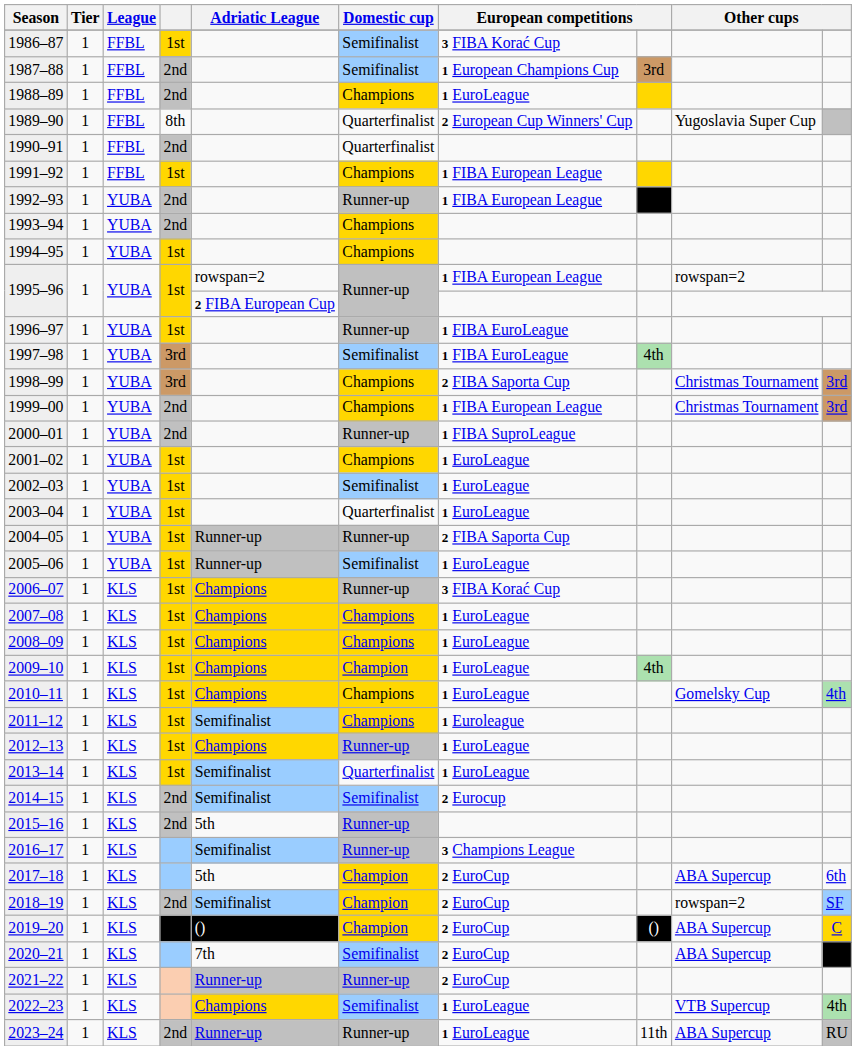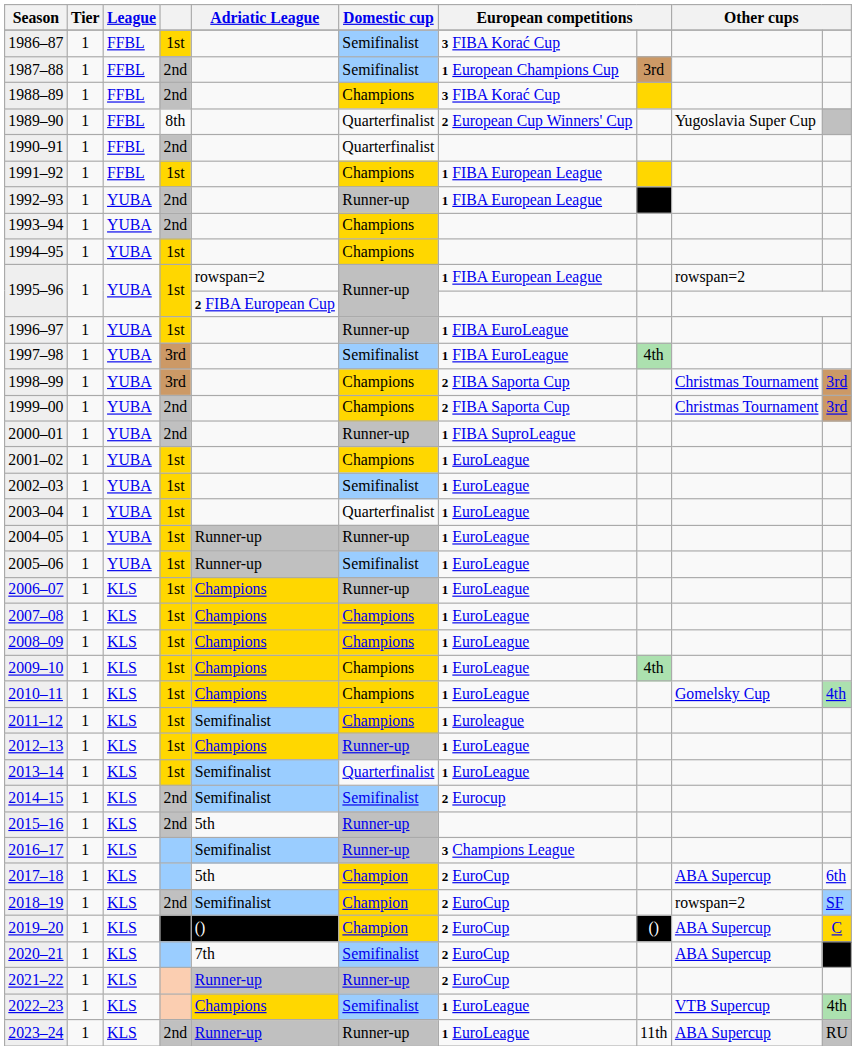 <table class="wikitable" style="font-size:85%; text-align:left">
 <tr>
 <th>Season</th>
 <th>Tier</th>
 <th><a href='#'>League</a></th>
 <th></th>
 <th><a href='#'>Adriatic League</a></th>
 <th><a href='#'>Domestic cup</a></th>
 <th colspan=2>European competitions</th>
 <th colspan=2>Other cups</th>
 </tr>
 <tr>
 </tr>
 <tr>
 <td bgcolor=#efefef>1986–87</td>
 <td align=center>1</td>
 <td align=left><a href='#'>FFBL</a></td>
 <td bgcolor=gold align=center>1st</td>
 <td></td>
 <td style="background-color:#9acdff">Semifinalist</td>
 <td><small><strong>3</strong></small> <a href='#'>FIBA Korać Cup</a></td>
 <td align=center></td>
 <td></td>
 <td></td>
 </tr>
 <tr>
 <td bgcolor=#efefef>1987–88</td>
 <td align=center>1</td>
 <td align=left><a href='#'>FFBL</a></td>
 <td bgcolor=silver align=center>2nd</td>
 <td></td>
 <td style="background-color:#9acdff">Semifinalist</td>
 <td><small><strong>1</strong></small> <a href='#'>European Champions Cup</a></td>
 <td bgcolor=#CC9966 align=center>3rd</td>
 <td></td>
 <td></td>
 </tr>
 <tr>
 <td bgcolor=#efefef>1988–89</td>
 <td align=center>1</td>
 <td align=left><a href='#'>FFBL</a></td>
 <td bgcolor=silver align=center>2nd</td>
 <td></td>
 <td bgcolor=gold>Champions</td>
-<td><small><strong>1</strong></small> <a href='#'>EuroLeague</a></td>
+<td><small><strong>3</strong></small> <a href='#'>FIBA Korać Cup</a></td>
 <td bgcolor=gold align=center></td>
 <td></td>
 <td></td>
 </tr>
 <tr>
 <td bgcolor=#efefef>1989–90</td>
 <td align=center>1</td>
 <td align=left><a href='#'>FFBL</a></td>
 <td align=center>8th</td>
 <td></td>
 <td>Quarterfinalist</td>
 <td><small><strong>2</strong></small> <a href='#'>European Cup Winners' Cup</a></td>
 <td align=center></td>
 <td align=left>Yugoslavia Super Cup</td>
 <td bgcolor=silver align=center></td>
 </tr>
 <tr>
 <td bgcolor=#efefef>1990–91</td>
 <td align=center>1</td>
 <td align=left><a href='#'>FFBL</a></td>
 <td bgcolor=silver align=center>2nd</td>
 <td></td>
 <td>Quarterfinalist</td>
 <td></td>
 <td></td>
 <td></td>
 <td></td>
 </tr>
 <tr>
 <td bgcolor=#efefef>1991–92</td>
 <td align=center>1</td>
 <td align=left><a href='#'>FFBL</a></td>
 <td bgcolor=gold align=center>1st</td>
 <td></td>
 <td bgcolor=gold>Champions</td>
 <td><small><strong>1</strong></small> <a href='#'>FIBA European League</a></td>
 <td bgcolor=gold align=center></td>
 <td></td>
 <td></td>
 </tr>
 <tr>
 <td bgcolor=#efefef>1992–93</td>
 <td align=center>1</td>
 <td align=left><a href='#'>YUBA</a></td>
 <td bgcolor=silver align=center>2nd</td>
 <td></td>
 <td bgcolor=silver>Runner-up</td>
 <td><small><strong>1</strong></small> <a href='#'>FIBA European League</a></td>
 <td align=center style="background:black; color:white"></td>
 <td></td>
 <td></td>
 </tr>
 <tr>
 <td bgcolor=#efefef>1993–94</td>
 <td align=center>1</td>
 <td align=left><a href='#'>YUBA</a></td>
 <td bgcolor=silver align=center>2nd</td>
 <td></td>
 <td bgcolor=gold>Champions</td>
 <td></td>
 <td></td>
 <td></td>
 <td></td>
 </tr>
 <tr>
 <td bgcolor=#efefef>1994–95</td>
 <td align=center>1</td>
 <td align=left><a href='#'>YUBA</a></td>
 <td bgcolor=gold align=center>1st</td>
 <td></td>
 <td bgcolor=gold>Champions</td>
 <td></td>
 <td></td>
 <td></td>
 <td></td>
 </tr>
 <tr>
 <td rowspan=2 style="background:#efefef;">1995–96</td>
 <td rowspan=2 align="center">1</td>
 <td rowspan=2><a href='#'>YUBA</a></td>
 <td rowspan=2 bgcolor=gold align=center>1st</td>
 <td>rowspan=2 </td>
 <td rowspan=2 bgcolor=silver>Runner-up</td>
 <td><small><strong>1</strong></small> <a href='#'>FIBA European League</a></td>
 <td align=center></td>
 <td>rowspan=2 </td>
 <td></td>
 </tr>
 <tr>
 <td><small><strong>2</strong></small> <a href='#'>FIBA European Cup</a></td>
 <td align=center></td>
 <td></td>
 </tr>
 <tr>
 <td bgcolor=#efefef>1996–97</td>
 <td align=center>1</td>
 <td align=left><a href='#'>YUBA</a></td>
 <td bgcolor=gold align=center>1st</td>
 <td></td>
 <td bgcolor=silver>Runner-up</td>
 <td><small><strong>1</strong></small> <a href='#'>FIBA EuroLeague</a></td>
 <td align=center></td>
 <td></td>
 <td></td>
 </tr>
 <tr>
 <td bgcolor=#efefef>1997–98</td>
 <td align=center>1</td>
 <td align=left><a href='#'>YUBA</a></td>
 <td align=center bgcolor=#CC9966>3rd</td>
 <td></td>
 <td style="background-color:#9acdff">Semifinalist</td>
 <td><small><strong>1</strong></small> <a href='#'>FIBA EuroLeague</a></td>
 <td bgcolor=#ACE1AF align=center>4th</td>
 <td></td>
 <td></td>
 </tr>
 <tr>
 <td bgcolor=#efefef>1998–99</td>
 <td align=center>1</td>
 <td align=left><a href='#'>YUBA</a></td>
 <td align=center bgcolor=#CC9966>3rd</td>
 <td></td>
 <td bgcolor=gold>Champions</td>
 <td><small><strong>2</strong></small> <a href='#'>FIBA Saporta Cup</a></td>
 <td align=center></td>
 <td align=left><a href='#'>Christmas Tournament</a></td>
 <td bgcolor=#CC9966 align=center><a href='#'>3rd</a></td>
 </tr>
 <tr>
 <td bgcolor=#efefef>1999–00</td>
 <td align=center>1</td>
 <td align=left><a href='#'>YUBA</a></td>
 <td bgcolor=silver align=center>2nd</td>
 <td></td>
 <td bgcolor=gold>Champions</td>
-<td><small><strong>1</strong></small> <a href='#'>FIBA European League</a></td>
+<td><small><strong>2</strong></small> <a href='#'>FIBA Saporta Cup</a></td>
 <td align=center></td>
 <td align=left><a href='#'>Christmas Tournament</a></td>
 <td bgcolor=#CC9966 align=center><a href='#'>3rd</a></td>
 </tr>
 <tr>
 <td bgcolor=#efefef>2000–01</td>
 <td align=center>1</td>
 <td align=left><a href='#'>YUBA</a></td>
 <td bgcolor=silver align=center>2nd</td>
 <td></td>
 <td bgcolor=silver>Runner-up</td>
 <td><small><strong>1</strong></small> <a href='#'>FIBA SuproLeague</a></td>
 <td align=center></td>
 <td></td>
 <td></td>
 </tr>
 <tr>
 <td bgcolor=#efefef>2001–02</td>
 <td align=center>1</td>
 <td align=left><a href='#'>YUBA</a></td>
 <td bgcolor=gold align=center>1st</td>
 <td></td>
 <td bgcolor=gold>Champions</td>
 <td><small><strong>1</strong></small> <a href='#'>EuroLeague</a></td>
 <td align=center></td>
 <td></td>
 <td></td>
 </tr>
 <tr>
 <td bgcolor=#efefef>2002–03</td>
 <td align=center>1</td>
 <td align=left><a href='#'>YUBA</a></td>
 <td bgcolor=gold align=center>1st</td>
 <td></td>
 <td style="background-color:#9acdff">Semifinalist</td>
 <td><small><strong>1</strong></small> <a href='#'>EuroLeague</a></td>
 <td align=center></td>
 <td></td>
 <td></td>
 </tr>
 <tr>
 <td bgcolor=#efefef>2003–04</td>
 <td align=center>1</td>
 <td align=left><a href='#'>YUBA</a></td>
 <td bgcolor=gold align=center>1st</td>
 <td></td>
 <td>Quarterfinalist</td>
 <td><small><strong>1</strong></small> <a href='#'>EuroLeague</a></td>
 <td align=center></td>
 <td></td>
 <td></td>
 </tr>
 <tr>
 <td bgcolor=#efefef>2004–05</td>
 <td align=center>1</td>
 <td align=left><a href='#'>YUBA</a></td>
 <td bgcolor=gold align=center>1st</td>
 <td bgcolor=silver>Runner-up</td>
 <td bgcolor=silver>Runner-up</td>
-<td><small><strong>2</strong></small> <a href='#'>FIBA Saporta Cup</a></td>
+<td><small><strong>1</strong></small> <a href='#'>EuroLeague</a></td>
 <td align=center></td>
 <td></td>
 <td></td>
 </tr>
 <tr>
 <td bgcolor=#efefef>2005–06</td>
 <td align=center>1</td>
 <td align=left><a href='#'>YUBA</a></td>
 <td bgcolor=gold align=center>1st</td>
 <td bgcolor=silver>Runner-up</td>
 <td style="background-color:#9acdff">Semifinalist</td>
 <td><small><strong>1</strong></small> <a href='#'>EuroLeague</a></td>
 <td align=center></td>
 <td></td>
 <td></td>
 </tr>
 <tr>
 <td bgcolor=#efefef><a href='#'>2006–07</a></td>
 <td align=center>1</td>
 <td align=left><a href='#'>KLS</a></td>
 <td bgcolor=gold align=center>1st</td>
 <td bgcolor=gold><a href='#'>Champions</a></td>
 <td bgcolor=silver>Runner-up</td>
-<td><small><strong>3</strong></small> <a href='#'>FIBA Korać Cup</a></td>
+<td><small><strong>1</strong></small> <a href='#'>EuroLeague</a></td>
 <td align=center></td>
 <td></td>
 <td></td>
 </tr>
 <tr>
 <td bgcolor=#efefef><a href='#'>2007–08</a></td>
 <td align=center>1</td>
 <td align=left><a href='#'>KLS</a></td>
 <td bgcolor=gold align=center>1st</td>
 <td bgcolor=gold><a href='#'>Champions</a></td>
 <td bgcolor=gold><a href='#'>Champions</a></td>
 <td><small><strong>1</strong></small> <a href='#'>EuroLeague</a></td>
 <td align=center></td>
 <td></td>
 <td></td>
 </tr>
 <tr>
 <td bgcolor=#efefef><a href='#'>2008–09</a></td>
 <td align=center>1</td>
 <td align=left><a href='#'>KLS</a></td>
 <td bgcolor=gold align=center>1st</td>
 <td bgcolor=gold><a href='#'>Champions</a></td>
 <td bgcolor=gold><a href='#'>Champions</a></td>
 <td><small><strong>1</strong></small> <a href='#'>EuroLeague</a></td>
 <td align=center></td>
 <td></td>
 <td></td>
 </tr>
 <tr>
 <td bgcolor=#efefef><a href='#'>2009–10</a></td>
 <td align=center>1</td>
 <td align=left><a href='#'>KLS</a></td>
 <td bgcolor=gold align=center>1st</td>
 <td bgcolor=gold><a href='#'>Champions</a></td>
-<td bgcolor=gold><a href='#'>Champion</a></td>
+<td bgcolor=gold>Champions</td>
 <td><small><strong>1</strong></small> <a href='#'>EuroLeague</a></td>
 <td bgcolor=#ACE1AF align=center>4th</td>
 <td></td>
 <td></td>
 </tr>
 <tr>
 <td bgcolor=#efefef><a href='#'>2010–11</a></td>
 <td align=center>1</td>
 <td align=left><a href='#'>KLS</a></td>
 <td bgcolor=gold align=center>1st</td>
 <td bgcolor=gold><a href='#'>Champions</a></td>
 <td bgcolor=gold>Champions</td>
 <td><small><strong>1</strong></small> <a href='#'>EuroLeague</a></td>
 <td align=center></td>
 <td align=left><a href='#'>Gomelsky Cup</a></td>
 <td bgcolor=#ACE1AF><a href='#'>4th</a></td>
 </tr>
 <tr>
 <td bgcolor=#efefef><a href='#'>2011–12</a></td>
 <td align=center>1</td>
 <td align=left><a href='#'>KLS</a></td>
 <td bgcolor=gold align=center>1st</td>
 <td style="background-color:#9acdff">Semifinalist</td>
 <td bgcolor=gold><a href='#'>Champions</a></td>
 <td><small><strong>1</strong></small> <a href='#'>Euroleague</a></td>
 <td align=center></td>
 <td></td>
 <td></td>
 </tr>
 <tr>
 <td bgcolor=#efefef><a href='#'>2012–13</a></td>
 <td align=center>1</td>
 <td align=left><a href='#'>KLS</a></td>
 <td bgcolor=gold align=center>1st</td>
 <td bgcolor=gold><a href='#'>Champions</a></td>
 <td bgcolor=silver><a href='#'>Runner-up</a></td>
 <td><small><strong>1</strong></small> <a href='#'>EuroLeague</a></td>
 <td align=center></td>
 <td></td>
 <td></td>
 </tr>
 <tr>
 <td bgcolor=#efefef><a href='#'>2013–14</a></td>
 <td align=center>1</td>
 <td align=left><a href='#'>KLS</a></td>
 <td bgcolor=gold align=center>1st</td>
 <td style="background-color:#9acdff">Semifinalist</td>
 <td><a href='#'>Quarterfinalist</a></td>
 <td><small><strong>1</strong></small> <a href='#'>EuroLeague</a></td>
 <td align=center></td>
 <td></td>
 <td></td>
 </tr>
 <tr>
 <td bgcolor=#efefef><a href='#'>2014–15</a></td>
 <td align=center>1</td>
 <td align=left><a href='#'>KLS</a></td>
 <td bgcolor=silver align=center>2nd</td>
 <td style="background-color:#9acdff">Semifinalist</td>
 <td style="background-color:#9acdff"><a href='#'>Semifinalist</a></td>
 <td><small><strong>2</strong></small> <a href='#'>Eurocup</a></td>
 <td align=center></td>
 <td></td>
 <td></td>
 </tr>
 <tr>
 <td bgcolor=#efefef><a href='#'>2015–16</a></td>
 <td align=center>1</td>
 <td align=left><a href='#'>KLS</a></td>
 <td align=center bgcolor=silver>2nd</td>
 <td>5th</td>
 <td bgcolor=silver><a href='#'>Runner-up</a></td>
 <td></td>
 <td></td>
 <td></td>
 <td></td>
 </tr>
 <tr>
 <td bgcolor=#efefef><a href='#'>2016–17</a></td>
 <td align=center>1</td>
 <td align=left><a href='#'>KLS</a></td>
 <td style="background-color:#9acdff" align=center></td>
 <td style="background-color:#9acdff">Semifinalist</td>
 <td bgcolor=silver><a href='#'>Runner-up</a></td>
 <td><small><strong>3</strong></small> <a href='#'>Champions League</a></td>
 <td align=center></td>
 <td></td>
 <td></td>
 </tr>
 <tr>
 <td bgcolor=#efefef><a href='#'>2017–18</a></td>
 <td align=center>1</td>
 <td align=left><a href='#'>KLS</a></td>
 <td style="background-color:#9acdff" align=center></td>
 <td>5th</td>
 <td bgcolor=gold><a href='#'>Champion</a></td>
 <td><small><strong>2</strong></small> <a href='#'>EuroCup</a></td>
 <td align=center></td>
 <td align=left><a href='#'>ABA Supercup</a></td>
 <td><a href='#'>6th</a></td>
 </tr>
 <tr>
 <td bgcolor=#efefef><a href='#'>2018–19</a></td>
 <td align=center>1</td>
 <td align=left><a href='#'>KLS</a></td>
 <td align=center bgcolor=silver>2nd</td>
 <td style="background-color:#9acdff">Semifinalist</td>
 <td bgcolor=gold><a href='#'>Champion</a></td>
 <td><small><strong>2</strong></small> <a href='#'>EuroCup</a></td>
 <td align=center></td>
 <td>rowspan=2 </td>
 <td style="background-color:#9acdff"><a href='#'>SF</a></td>
 </tr>
 <tr>
 <td bgcolor=#efefef><a href='#'>2019–20</a></td>
 <td align=center>1</td>
 <td align=left><a href='#'>KLS</a></td>
 <td align=center style="background:black; color:white"></td>
 <td align=Left style="background:black; color:white">  ()</td>
 <td bgcolor=gold><a href='#'>Champion</a></td>
 <td><small><strong>2</strong></small> <a href='#'>EuroCup</a></td>
 <td align=center style="background:black; color:white"> ()</td>
 <td align=left><a href='#'>ABA Supercup</a></td>
 <td bgcolor=gold align=center><a href='#'>C</a></td>
 </tr>
 <tr>
 <td bgcolor=#efefef><a href='#'>2020–21</a></td>
 <td align=center>1</td>
 <td align=left><a href='#'>KLS</a></td>
 <td style="background-color:#9acdff" align=center></td>
 <td>7th</td>
 <td style="background-color:#9acdff"><a href='#'>Semifinalist</a></td>
 <td><small><strong>2</strong></small> <a href='#'>EuroCup</a></td>
 <td align=center></td>
 <td align=left><a href='#'>ABA Supercup</a></td>
 <td align=center style="background:black; color:white"></td>
 </tr>
 <tr>
 <td bgcolor=#efefef><a href='#'>2021–22</a></td>
 <td align=center>1</td>
 <td align=left><a href='#'>KLS</a></td>
 <td style="background-color:#FBCEB1"></td>
 <td bgcolor=silver><a href='#'>Runner-up</a></td>
 <td bgcolor=silver><a href='#'>Runner-up</a></td>
 <td><small><strong>2</strong></small> <a href='#'>EuroCup</a></td>
 <td align=center></td>
 <td></td>
 <td></td>
 </tr>
 <tr>
 <td bgcolor=#efefef><a href='#'>2022–23</a></td>
 <td align=center>1</td>
 <td align=left><a href='#'>KLS</a></td>
 <td style="background-color:#FBCEB1" align=center></td>
 <td bgcolor=gold><a href='#'>Champions</a></td>
 <td style="background-color:#9acdff"><a href='#'>Semifinalist</a></td>
 <td><small><strong>1</strong></small> <a href='#'>EuroLeague</a></td>
 <td align=center></td>
 <td align=left><a href='#'>VTB Supercup</a></td>
 <td bgcolor=#ACE1AF align=center>4th</td>
 </tr>
 <tr>
 <td bgcolor=#efefef><a href='#'>2023–24</a></td>
 <td align=center>1</td>
 <td align=left><a href='#'>KLS</a></td>
 <td align=center bgcolor=silver>2nd</td>
 <td bgcolor=silver><a href='#'>Runner-up</a></td>
 <td bgcolor=silver>Runner-up</td>
 <td><small><strong>1</strong></small> <a href='#'>EuroLeague</a></td>
 <td align=center>11th</td>
 <td align=left><a href='#'>ABA Supercup</a></td>
 <td bgcolor=silver align=center>RU</td>
 </tr>
 <tr>
 </tr>
 </table>
